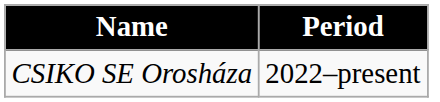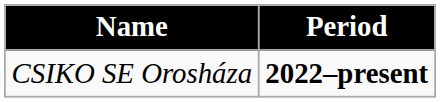 <table class="wikitable" style="text-align: left">
 <tr>
 <th style="color:white; background:#000000">Name</th>
 <th style="color:white; background:#000000">Period</th>
 </tr>
 <tr>
 <td align=left><em>CSIKO SE Orosháza</em></td>
-<td>2022–present</td>
+<td><strong>2022–present</strong></td>
 </tr>
 </table>
